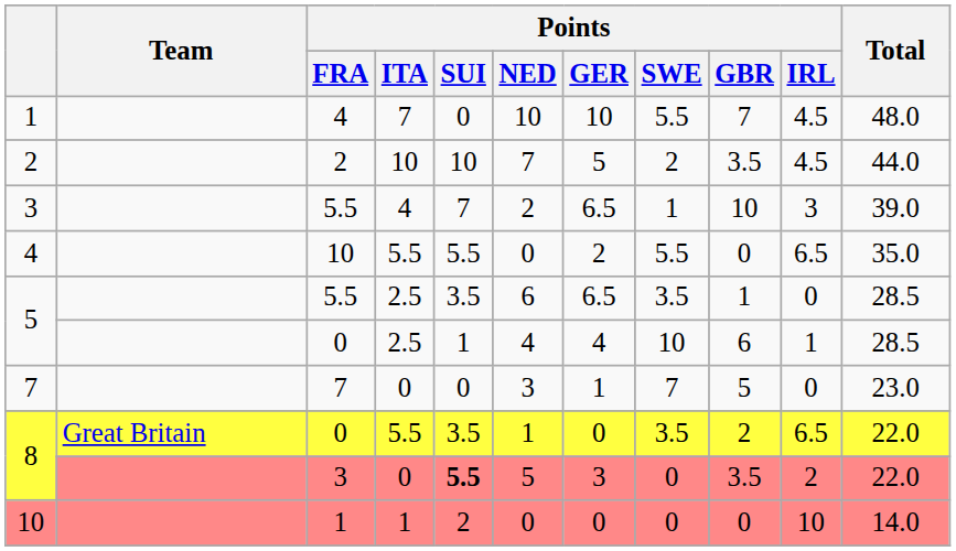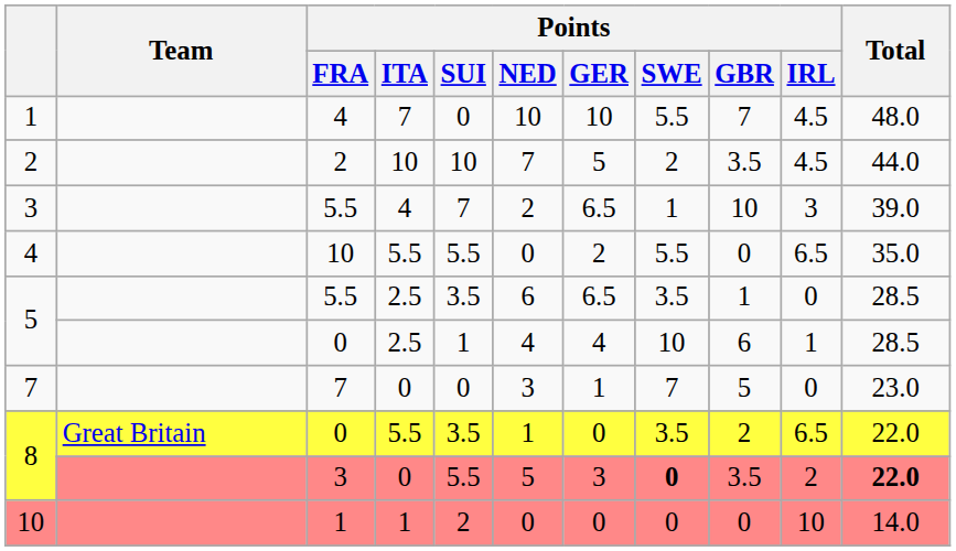 <table class="wikitable" style="font-size: 90%" text-align:center; table-layout:fixed; width:75em">
 <tr>
 <th rowspan=2 width=20></th>
 <th rowspan=2 width=125>Team</th>
 <th colspan=8>Points</th>
 <th rowspan=2 width=50>Total</th>
 </tr>
 <tr valign="top">
 <th><a href='#'>FRA</a><br></th>
 <th><a href='#'>ITA</a><br></th>
 <th><a href='#'>SUI</a><br></th>
 <th><a href='#'>NED</a><br></th>
 <th><a href='#'>GER</a><br></th>
 <th><a href='#'>SWE</a><br></th>
 <th><a href='#'>GBR</a><br></th>
 <th><a href='#'>IRL</a><br></th>
 </tr>
 <tr>
 <td align=center>1</td>
 <td></td>
 <td align=center>4</td>
 <td align=center>7</td>
 <td align=center>0</td>
 <td align=center>10</td>
 <td align=center>10</td>
 <td align=center>5.5</td>
 <td align=center>7</td>
 <td align=center>4.5</td>
 <td align=center>48.0</td>
 </tr>
 <tr>
 <td align=center>2</td>
 <td></td>
 <td align=center>2</td>
 <td align=center>10</td>
 <td align=center>10</td>
 <td align=center>7</td>
 <td align=center>5</td>
 <td align=center>2</td>
 <td align=center>3.5</td>
 <td align=center>4.5</td>
 <td align=center>44.0</td>
 </tr>
 <tr>
 <td align=center>3</td>
 <td></td>
 <td align=center>5.5</td>
 <td align=center>4</td>
 <td align=center>7</td>
 <td align=center>2</td>
 <td align=center>6.5</td>
 <td align=center>1</td>
 <td align=center>10</td>
 <td align=center>3</td>
 <td align=center>39.0</td>
 </tr>
 <tr>
 <td align=center>4</td>
 <td></td>
 <td align=center>10</td>
 <td align=center>5.5</td>
 <td align=center>5.5</td>
 <td align=center>0</td>
 <td align=center>2</td>
 <td align=center>5.5</td>
 <td align=center>0</td>
 <td align=center>6.5</td>
 <td align=center>35.0</td>
 </tr>
 <tr>
 <td rowspan=2 align=center>5</td>
 <td></td>
 <td align=center>5.5</td>
 <td align=center>2.5</td>
 <td align=center>3.5</td>
 <td align=center>6</td>
 <td align=center>6.5</td>
 <td align=center>3.5</td>
 <td align=center>1</td>
 <td align=center>0</td>
 <td align=center>28.5</td>
 </tr>
 <tr>
 <td></td>
 <td align=center>0</td>
 <td align=center>2.5</td>
 <td align=center>1</td>
 <td align=center>4</td>
 <td align=center>4</td>
 <td align=center>10</td>
 <td align=center>6</td>
 <td align=center>1</td>
 <td align=center>28.5</td>
 </tr>
 <tr>
 <td align=center>7</td>
 <td></td>
 <td align=center>7</td>
 <td align=center>0</td>
 <td align=center>0</td>
 <td align=center>3</td>
 <td align=center>1</td>
 <td align=center>7</td>
 <td align=center>5</td>
 <td align=center>0</td>
 <td align=center>23.0</td>
 </tr>
 <tr bgcolor=#FFFF40>
 <td rowspan=2 align=center>8</td>
 <td> <a href='#'>Great Britain</a></td>
 <td align=center>0</td>
 <td align=center>5.5</td>
 <td align=center>3.5</td>
 <td align=center>1</td>
 <td align=center>0</td>
 <td align=center>3.5</td>
 <td align=center>2</td>
 <td align=center>6.5</td>
 <td align=center>22.0</td>
 </tr>
 <tr bgcolor=#FF8888>
 <td></td>
 <td align=center>3</td>
 <td align=center>0</td>
-<td align=center><strong>5.5</strong></td>
+<td align=center>5.5</td>
 <td align=center>5</td>
 <td align=center>3</td>
-<td align=center>0</td>
+<td align=center><strong>0</strong></td>
 <td align=center>3.5</td>
 <td align=center>2</td>
-<td align=center>22.0</td>
+<td align=center><strong>22.0</strong></td>
 </tr>
 <tr bgcolor=#FF8888>
 <td align=center>10</td>
 <td></td>
 <td align=center>1</td>
 <td align=center>1</td>
 <td align=center>2</td>
 <td align=center>0</td>
 <td align=center>0</td>
 <td align=center>0</td>
 <td align=center>0</td>
 <td align=center>10</td>
 <td align=center>14.0</td>
 </tr>
 </table>
